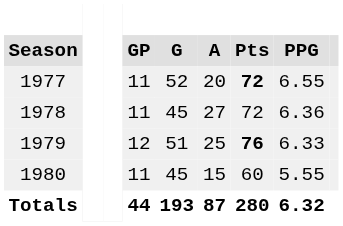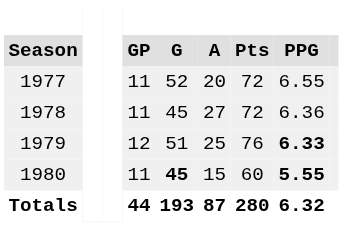 <table BORDER="0" CELLPADDING="3" CELLSPACING="0">
 <tr ALIGN="center" bgcolor="#e0e0e0">
 <th colspan="1" bgcolor="#ffffff"> </th>
 <th rowspan="99" bgcolor="#ffffff"> </th>
 <th rowspan="99" bgcolor="#ffffff"> </th>
 </tr>
 <tr ALIGN="center" bgcolor="#e0e0e0">
 <th>Season</th>
 <th>GP</th>
 <th>G</th>
 <th>A</th>
 <th>Pts</th>
 <th>PPG</th>
 <th></th>
 </tr>
 <tr ALIGN="center" bgcolor="#f0f0f0">
 <td>1977</td>
 <td>11</td>
 <td>52</td>
 <td>20</td>
-<td><strong>72</strong></td>
+<td>72</td>
 <td>6.55</td>
 <td></td>
 </tr>
 <tr ALIGN="center" bgcolor="#f0f0f0">
 <td>1978</td>
 <td>11</td>
 <td>45</td>
 <td>27</td>
 <td>72</td>
 <td>6.36</td>
 <td></td>
 </tr>
 <tr ALIGN="center" bgcolor="#f0f0f0">
 <td>1979</td>
 <td>12</td>
 <td>51</td>
 <td>25</td>
-<td><strong>76</strong></td>
-<td>6.33</td>
+<td>76</td>
+<td><strong>6.33</strong></td>
 <td></td>
 </tr>
 <tr ALIGN="center" bgcolor="#f0f0f0">
 <td>1980</td>
 <td>11</td>
-<td>45</td>
+<td><strong>45</strong></td>
 <td>15</td>
 <td>60</td>
-<td>5.55</td>
+<td><strong>5.55</strong></td>
 <td></td>
 </tr>
 <tr ALIGN="center">
 <th colspan="1.5">Totals</th>
 <th>44</th>
 <th>193</th>
 <th>87</th>
 <th>280</th>
 <th>6.32</th>
 <th></th>
 </tr>
 </table>
